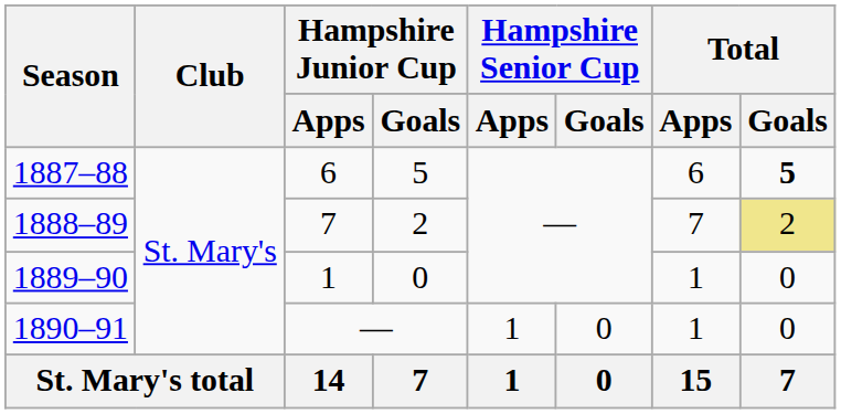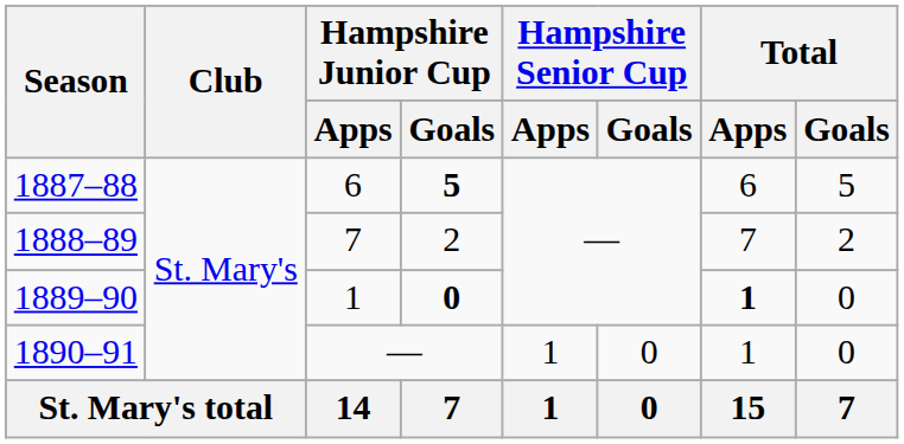 <table class="wikitable" style="text-align:center">
 <tr>
 <th rowspan="2">Season</th>
 <th rowspan="2">Club</th>
 <th colspan="2">Hampshire<br>Junior Cup</th>
 <th colspan="2"><a href='#'>Hampshire<br>Senior Cup</a></th>
 <th colspan="2">Total</th>
 </tr>
 <tr>
 <th>Apps</th>
 <th>Goals</th>
 <th>Apps</th>
 <th>Goals</th>
 <th>Apps</th>
 <th>Goals</th>
 </tr>
 <tr>
 <td><a href='#'>1887–88</a></td>
 <td rowspan="4"><a href='#'>St. Mary's</a></td>
 <td>6</td>
-<td>5</td>
+<td><strong>5</strong></td>
 <td colspan="2" rowspan="3">—</td>
 <td>6</td>
-<td><strong>5</strong></td>
+<td>5</td>
 </tr>
 <tr>
 <td><a href='#'>1888–89</a></td>
 <td>7</td>
 <td>2</td>
 <td>7</td>
-<td style="background: khaki;">2</td>
+<td>2</td>
 </tr>
 <tr>
 <td><a href='#'>1889–90</a></td>
 <td>1</td>
-<td>0</td>
-<td>1</td>
+<td><strong>0</strong></td>
+<td><strong>1</strong></td>
 <td>0</td>
 </tr>
 <tr>
 <td><a href='#'>1890–91</a></td>
 <td colspan="2">—</td>
 <td>1</td>
 <td>0</td>
 <td>1</td>
 <td>0</td>
 </tr>
 <tr>
 <th colspan="2">St. Mary's total</th>
 <th>14</th>
 <th>7</th>
 <th>1</th>
 <th>0</th>
 <th>15</th>
 <th>7</th>
 </tr>
 </table>
